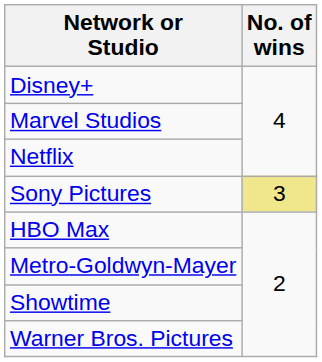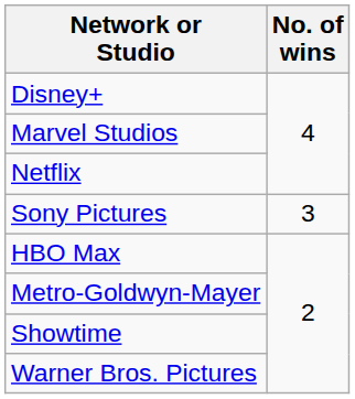 <table class="wikitable">
 <tr>
 <th>Network or<br>Studio</th>
 <th>No. of<br>wins</th>
 </tr>
 <tr>
 <td><a href='#'>Disney+</a></td>
 <td rowspan="3" style="text-align:center">4</td>
 </tr>
 <tr>
 <td><a href='#'>Marvel Studios</a></td>
 </tr>
 <tr>
 <td><a href='#'>Netflix</a></td>
 </tr>
 <tr>
 <td><a href='#'>Sony Pictures</a></td>
-<td style="background: khaki; text-align:center">3</td>
+<td style="text-align:center">3</td>
 </tr>
 <tr>
 <td><a href='#'>HBO Max</a></td>
 <td rowspan="4" style="text-align:center">2</td>
 </tr>
 <tr>
 <td><a href='#'>Metro-Goldwyn-Mayer</a></td>
 </tr>
 <tr>
 <td><a href='#'>Showtime</a></td>
 </tr>
 <tr>
 <td><a href='#'>Warner Bros. Pictures</a></td>
 </tr>
 </table>
